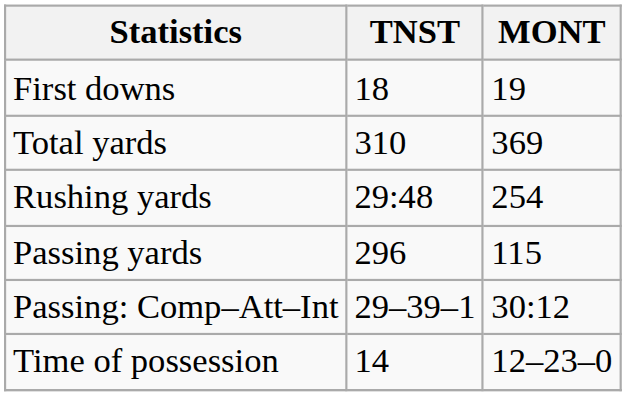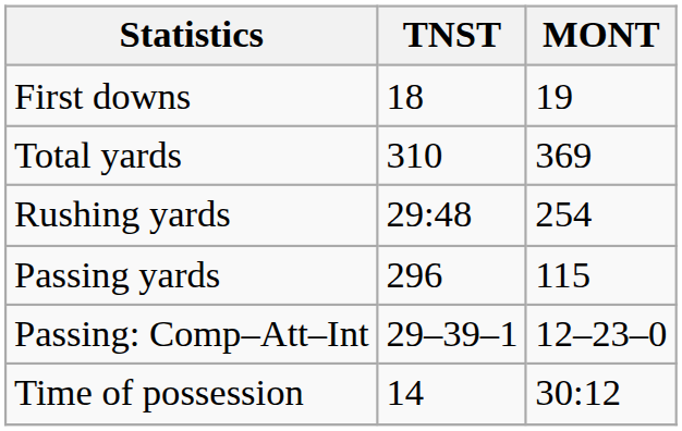 <table class="wikitable" style="float: left;">
 <tr>
 <th>Statistics</th>
 <th>TNST</th>
 <th>MONT</th>
 </tr>
 <tr>
 <td>First downs</td>
 <td>18</td>
 <td>19</td>
 </tr>
 <tr>
 <td>Total yards</td>
 <td>310</td>
 <td>369</td>
 </tr>
 <tr>
 <td>Rushing yards</td>
 <td>29:48</td>
 <td>254</td>
 </tr>
 <tr>
 <td>Passing yards</td>
 <td>296</td>
 <td>115</td>
 </tr>
 <tr>
 <td>Passing: Comp–Att–Int</td>
 <td>29–39–1</td>
-<td>30:12</td>
+<td>12–23–0</td>
 </tr>
 <tr>
 <td>Time of possession</td>
 <td>14</td>
-<td>12–23–0</td>
+<td>30:12</td>
 </tr>
 <tr>
 </tr>
 </table>
